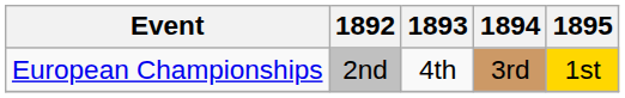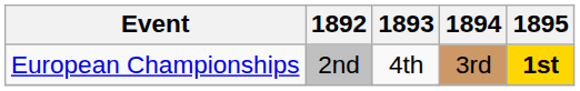 <table class="wikitable">
 <tr>
 <th>Event</th>
 <th>1892</th>
 <th>1893</th>
 <th>1894</th>
 <th>1895</th>
 </tr>
 <tr>
 <td><a href='#'>European Championships</a></td>
 <td align="center" bgcolor="silver">2nd</td>
 <td align="center">4th</td>
 <td align="center" bgcolor="cc9966">3rd</td>
-<td align="center" bgcolor="gold">1st</td>
+<td align="center" bgcolor="gold"><strong>1st</strong></td>
 </tr>
 <tr>
 </tr>
 </table>
